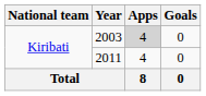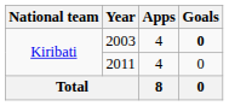 <table class="wikitable" style="text-align: center;">
 <tr>
 <th>National team</th>
 <th>Year</th>
 <th>Apps</th>
 <th>Goals</th>
 </tr>
 <tr>
 <td rowspan="2"><a href='#'>Kiribati</a></td>
 <td>2003</td>
-<td style="background: lightgrey;">4</td>
-<td>0</td>
+<td>4</td>
+<td><strong>0</strong></td>
 </tr>
 <tr>
 <td>2011</td>
 <td>4</td>
 <td>0</td>
 </tr>
 <tr>
 <th colspan="2">Total</th>
 <th>8</th>
 <th>0</th>
 </tr>
 </table>
